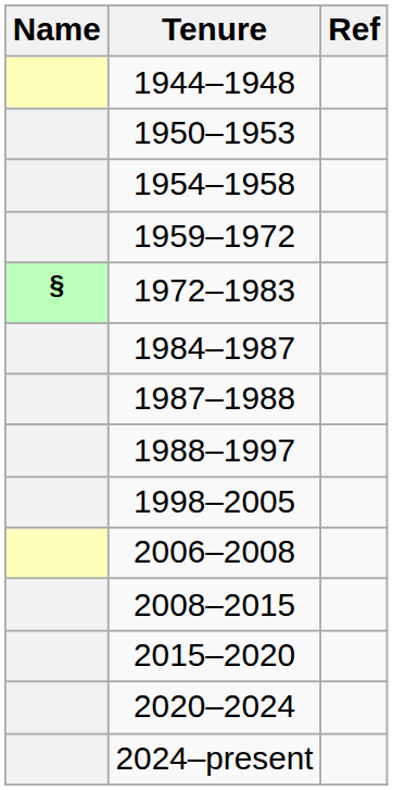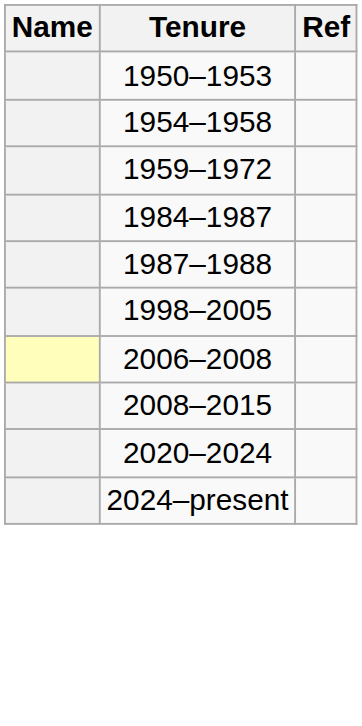 <table class="wikitable sortable" style="text-align:center;">
 <tr>
 <th scope="col">Name</th>
 <th scope="col">Tenure</th>
 <th scope="col" class="unsortable">Ref</th>
-</tr>
-<tr>
-<th scope="row" style="background-color:#ffffbb;"><sup></sup></th>
-<td>1944–1948</td>
-<td></td>
 </tr>
 <tr>
 <th scope="row"></th>
 <td>1950–1953</td>
 <td></td>
 </tr>
 <tr>
 <th scope="row"></th>
 <td>1954–1958</td>
 <td></td>
 </tr>
 <tr>
 <th scope="row"></th>
 <td>1959–1972</td>
 <td></td>
 </tr>
 <tr>
-<th scope="row" style="background-color:#bbffbb;"><sup>§</sup></th>
-<td>1972–1983</td>
-<td></td>
-</tr>
-<tr>
 <th scope="row"></th>
 <td>1984–1987</td>
 <td></td>
 </tr>
 <tr>
 <th scope="row"></th>
 <td>1987–1988</td>
-<td></td>
-</tr>
-<tr>
-<th scope="row"></th>
-<td>1988–1997</td>
 <td></td>
 </tr>
 <tr>
 <th scope="row"></th>
 <td>1998–2005</td>
 <td></td>
 </tr>
 <tr>
 <th scope="row" style="background-color:#ffffbb;"><sup></sup></th>
 <td>2006–2008</td>
 <td></td>
 </tr>
 <tr>
 <th scope="row"></th>
 <td>2008–2015</td>
 <td></td>
 </tr>
 <tr>
 <th scope="row"></th>
-<td>2015–2020</td>
-<td></td>
-</tr>
-<tr>
-<th scope="row"></th>
 <td>2020–2024</td>
 <td></td>
 </tr>
 <tr>
 <th scope="row"></th>
 <td>2024–present</td>
 <td></td>
 </tr>
 </table>
